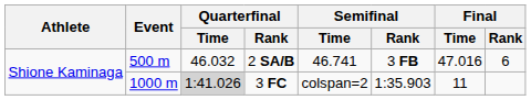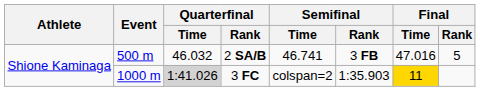 <table class="wikitable" style="font-size:90%">
 <tr>
 <th rowspan=2>Athlete</th>
 <th rowspan=2>Event</th>
 <th colspan=2>Quarterfinal</th>
 <th colspan=2>Semifinal</th>
 <th colspan=2>Final</th>
 </tr>
 <tr style="font-size:95%">
 <th>Time</th>
 <th>Rank</th>
 <th>Time</th>
 <th>Rank</th>
 <th>Time</th>
 <th>Rank</th>
 </tr>
 <tr align=center>
 <td align=left rowspan=2><a href='#'>Shione Kaminaga</a></td>
 <td align=left><a href='#'>500 m</a></td>
 <td>46.032</td>
 <td>2 <strong>SA/B</strong></td>
 <td>46.741</td>
 <td>3 <strong>FB</strong></td>
 <td>47.016</td>
-<td>6</td>
+<td>5</td>
 </tr>
 <tr align=center>
 <td align=left><a href='#'>1000 m</a></td>
 <td style="background: lightgrey;">1:41.026</td>
 <td>3 <strong>FC</strong></td>
 <td>colspan=2 </td>
 <td>1:35.903</td>
-<td>11</td>
+<td style="background: gold;">11</td>
 </tr>
 </table>
